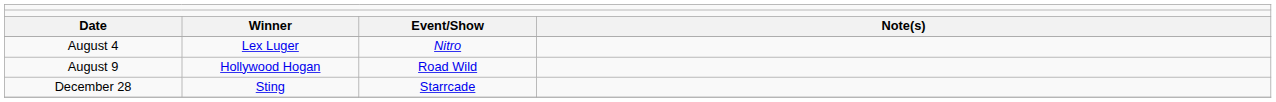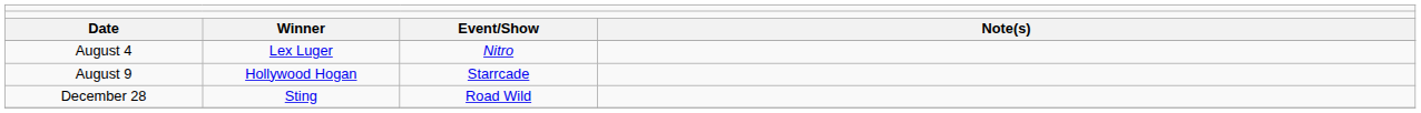 <table class="wikitable" style="text-align:center; width:100%;">
 <tr>
 <td colspan="5"></td>
 </tr>
 <tr>
 <td colspan="5"><strong></strong></td>
 </tr>
 <tr>
 <th width="14%">Date</th>
 <th width="14%">Winner</th>
 <th width="14%">Event/Show</th>
 <th width="58%">Note(s)</th>
 </tr>
 <tr>
 </tr>
 <tr>
 <td>August 4</td>
 <td><a href='#'>Lex Luger</a></td>
 <td><em><a href='#'>Nitro</a></em></td>
 <td align="left"></td>
 </tr>
 <tr>
 <td>August 9</td>
 <td><a href='#'>Hollywood Hogan</a></td>
-<td><a href='#'>Road Wild</a></td>
+<td><a href='#'>Starrcade</a></td>
 <td align="left"></td>
 </tr>
 <tr>
 <td>December 28</td>
 <td><a href='#'>Sting</a></td>
-<td><a href='#'>Starrcade</a></td>
+<td><a href='#'>Road Wild</a></td>
 <td align="left"></td>
 </tr>
 <tr>
 </tr>
 </table>
